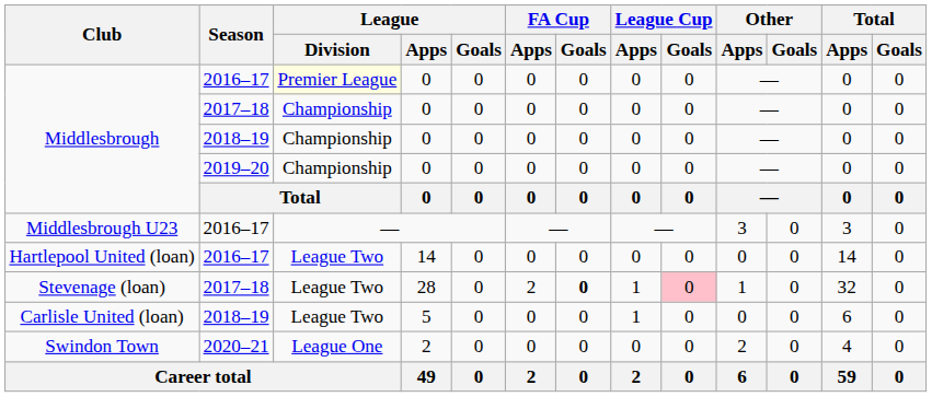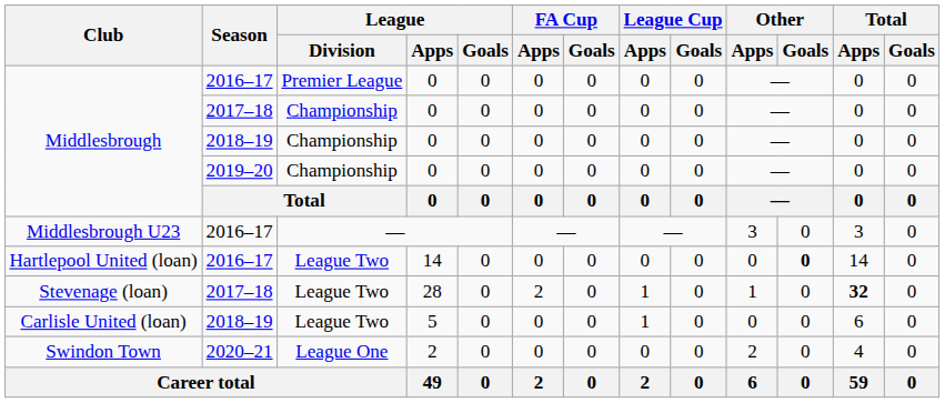 <table class="wikitable" style="text-align:center">
 <tr>
 <th rowspan=2>Club</th>
 <th rowspan=2>Season</th>
 <th colspan=3>League</th>
 <th colspan=2><a href='#'>FA Cup</a></th>
 <th colspan=2><a href='#'>League Cup</a></th>
 <th colspan=2>Other</th>
 <th colspan=2>Total</th>
 </tr>
 <tr>
 <th>Division</th>
 <th>Apps</th>
 <th>Goals</th>
 <th>Apps</th>
 <th>Goals</th>
 <th>Apps</th>
 <th>Goals</th>
 <th>Apps</th>
 <th>Goals</th>
 <th>Apps</th>
 <th>Goals</th>
 </tr>
 <tr>
 <td rowspan=5><a href='#'>Middlesbrough</a></td>
 <td><a href='#'>2016–17</a></td>
-<td style="background: lightyellow;"><a href='#'>Premier League</a></td>
+<td><a href='#'>Premier League</a></td>
 <td>0</td>
 <td>0</td>
 <td>0</td>
 <td>0</td>
 <td>0</td>
 <td>0</td>
 <td colspan=2>—</td>
 <td>0</td>
 <td>0</td>
 </tr>
 <tr>
 <td><a href='#'>2017–18</a></td>
 <td><a href='#'>Championship</a></td>
 <td>0</td>
 <td>0</td>
 <td>0</td>
 <td>0</td>
 <td>0</td>
 <td>0</td>
 <td colspan=2>—</td>
 <td>0</td>
 <td>0</td>
 </tr>
 <tr>
 <td><a href='#'>2018–19</a></td>
 <td>Championship</td>
 <td>0</td>
 <td>0</td>
 <td>0</td>
 <td>0</td>
 <td>0</td>
 <td>0</td>
 <td colspan=2>—</td>
 <td>0</td>
 <td>0</td>
 </tr>
 <tr>
 <td><a href='#'>2019–20</a></td>
 <td>Championship</td>
 <td>0</td>
 <td>0</td>
 <td>0</td>
 <td>0</td>
 <td>0</td>
 <td>0</td>
 <td colspan=2>—</td>
 <td>0</td>
 <td>0</td>
 </tr>
 <tr>
 <th colspan=2>Total</th>
 <th>0</th>
 <th>0</th>
 <th>0</th>
 <th>0</th>
 <th>0</th>
 <th>0</th>
 <th colspan=2>—</th>
 <th>0</th>
 <th>0</th>
 </tr>
 <tr>
 <td><a href='#'>Middlesbrough U23</a></td>
 <td>2016–17</td>
 <td colspan=3>—</td>
 <td colspan=2>—</td>
 <td colspan=2>—</td>
 <td>3</td>
 <td>0</td>
 <td>3</td>
 <td>0</td>
 </tr>
 <tr>
 <td><a href='#'>Hartlepool United</a> (loan)</td>
 <td><a href='#'>2016–17</a></td>
 <td><a href='#'>League Two</a></td>
 <td>14</td>
 <td>0</td>
 <td>0</td>
 <td>0</td>
 <td>0</td>
 <td>0</td>
 <td>0</td>
-<td>0</td>
+<td><strong>0</strong></td>
 <td>14</td>
 <td>0</td>
 </tr>
 <tr>
 <td><a href='#'>Stevenage</a> (loan)</td>
 <td><a href='#'>2017–18</a></td>
 <td>League Two</td>
 <td>28</td>
 <td>0</td>
 <td>2</td>
-<td><strong>0</strong></td>
-<td>1</td>
-<td style="background: pink;">0</td>
+<td>0</td>
 <td>1</td>
 <td>0</td>
-<td>32</td>
+<td>1</td>
+<td>0</td>
+<td><strong>32</strong></td>
 <td>0</td>
 </tr>
 <tr>
 <td><a href='#'>Carlisle United</a> (loan)</td>
 <td><a href='#'>2018–19</a></td>
 <td>League Two</td>
 <td>5</td>
 <td>0</td>
 <td>0</td>
 <td>0</td>
 <td>1</td>
 <td>0</td>
 <td>0</td>
 <td>0</td>
 <td>6</td>
 <td>0</td>
 </tr>
 <tr>
 <td><a href='#'>Swindon Town</a></td>
 <td><a href='#'>2020–21</a></td>
 <td><a href='#'>League One</a></td>
 <td>2</td>
 <td>0</td>
 <td>0</td>
 <td>0</td>
 <td>0</td>
 <td>0</td>
 <td>2</td>
 <td>0</td>
 <td>4</td>
 <td>0</td>
 </tr>
 <tr>
 <th colspan=3>Career total</th>
 <th>49</th>
 <th>0</th>
 <th>2</th>
 <th>0</th>
 <th>2</th>
 <th>0</th>
 <th>6</th>
 <th>0</th>
 <th>59</th>
 <th>0</th>
 </tr>
 </table>
